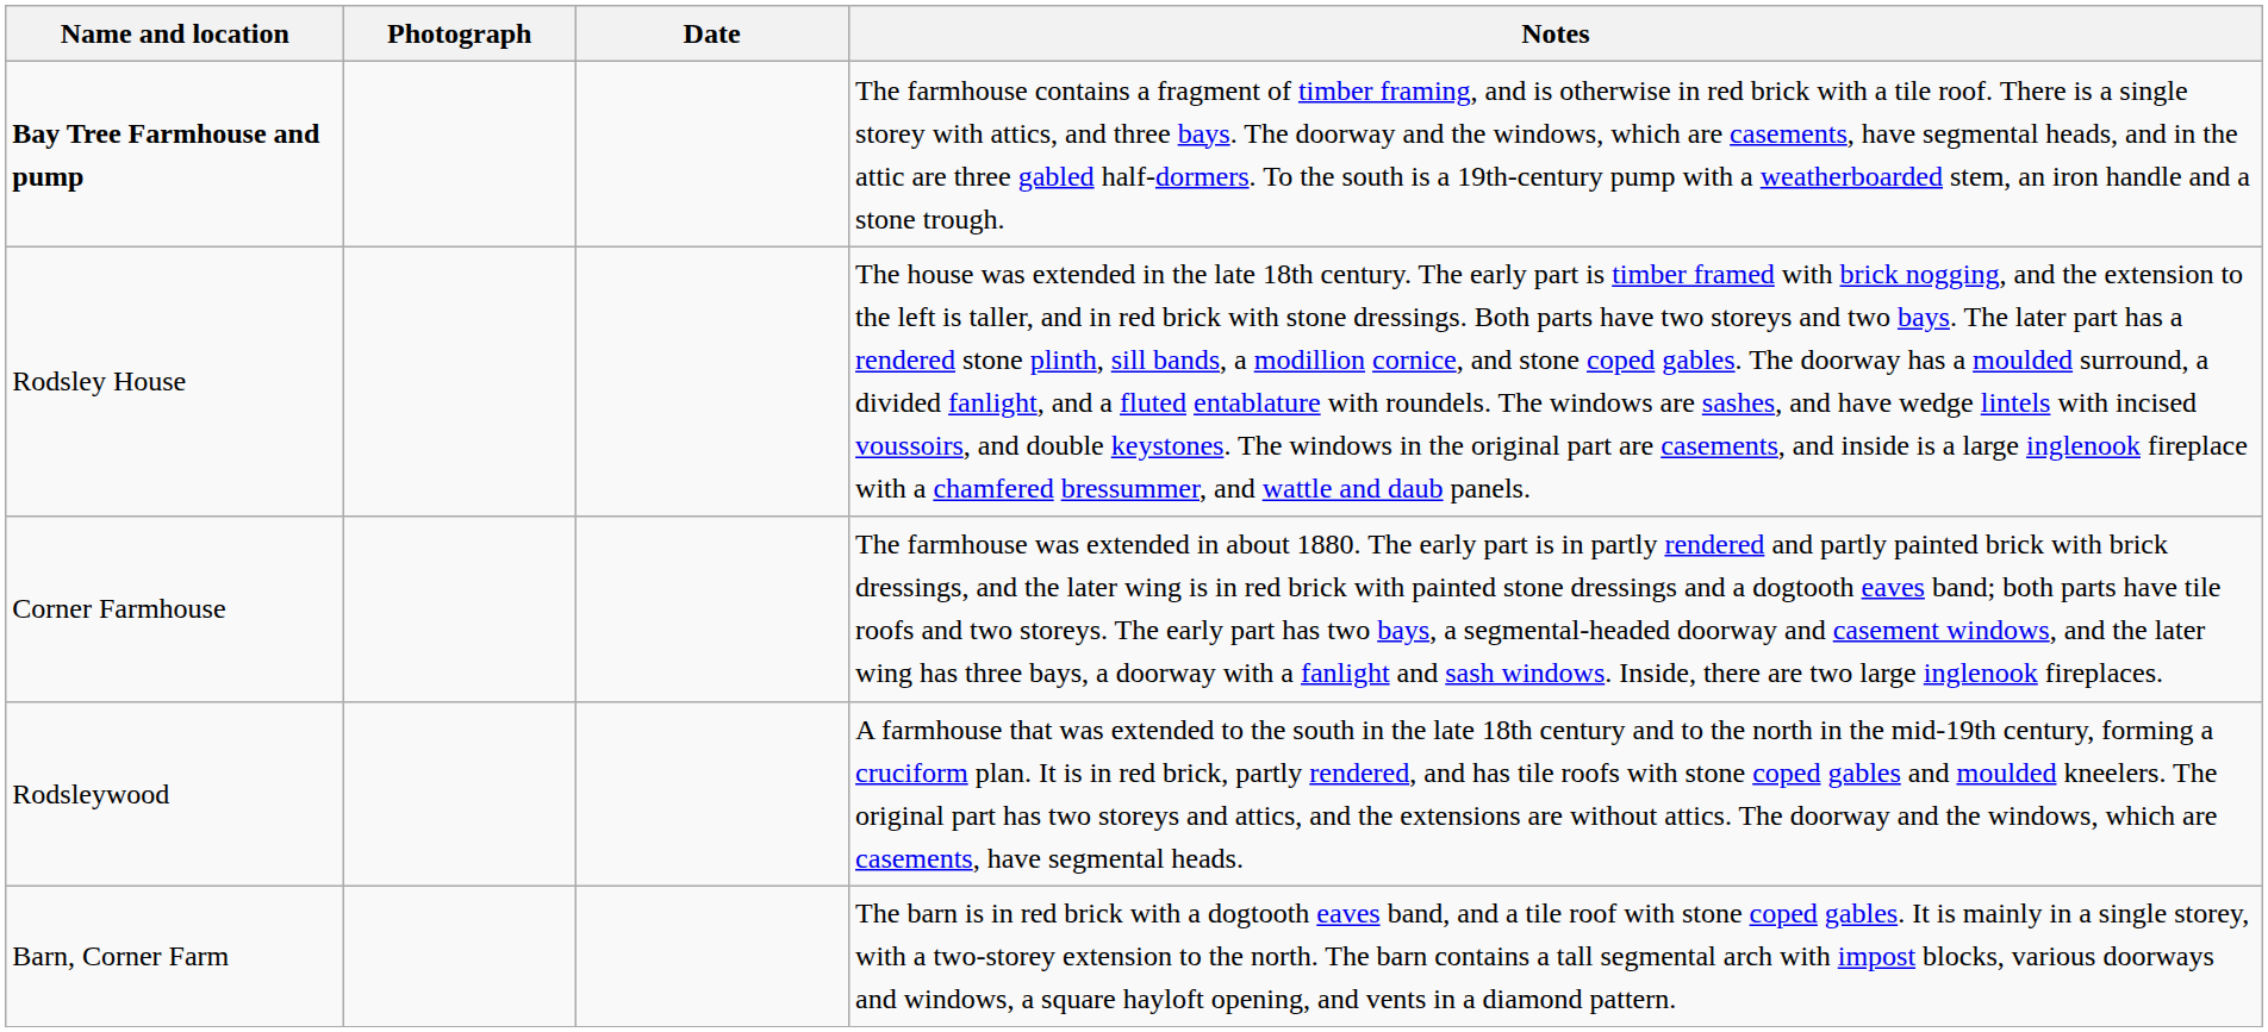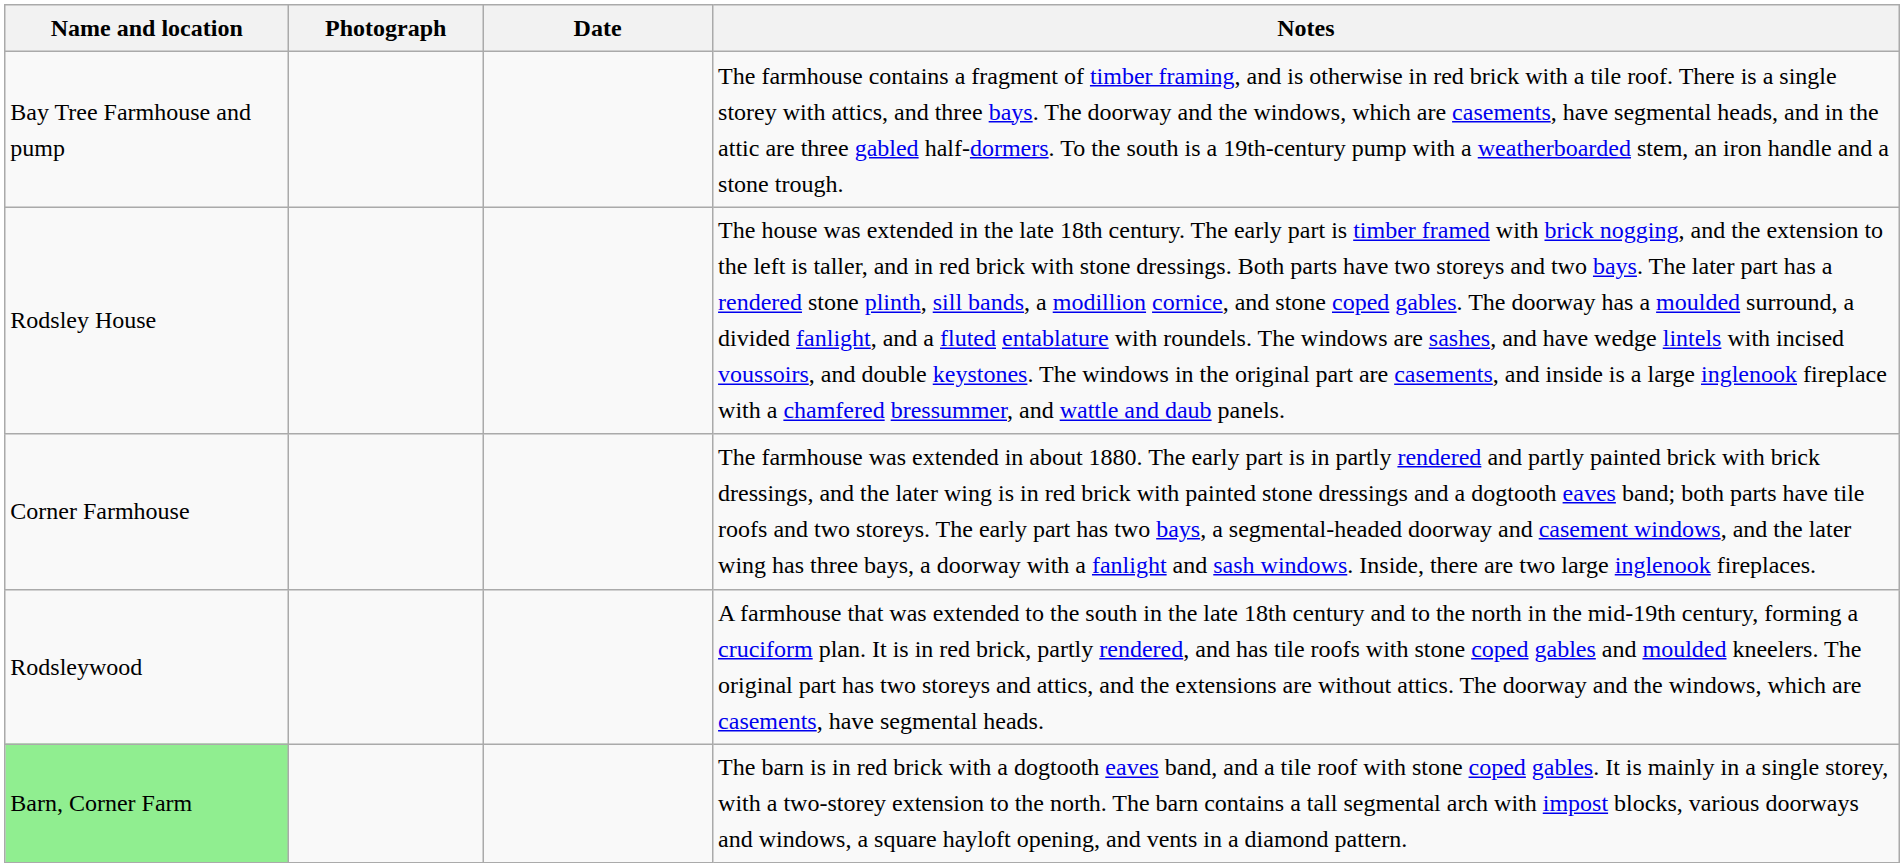 <table class="wikitable sortable plainrowheaders" style="width:100%;border:0px;text-align:left;line-height:150%;">
 <tr>
 <th scope="col"  style="width:150px">Name and location</th>
 <th scope="col"  style="width:100px" class="unsortable">Photograph</th>
 <th scope="col"  style="width:120px">Date</th>
 <th scope="col"  style="width:650px" class="unsortable">Notes</th>
 </tr>
 <tr>
-<td><strong>Bay Tree Farmhouse and pump<br><small></small></strong></td>
+<td>Bay Tree Farmhouse and pump<br><small></small></td>
 <td></td>
 <td align="center"></td>
 <td>The farmhouse contains a fragment of <a href='#'>timber framing</a>, and is otherwise in red brick with a tile roof.  There is a single storey with attics, and three <a href='#'>bays</a>.  The doorway and the windows, which are <a href='#'>casements</a>, have segmental heads, and in the attic are three <a href='#'>gabled</a> half-<a href='#'>dormers</a>.  To the south is a 19th-century pump with a <a href='#'>weatherboarded</a> stem, an iron handle and a stone trough.</td>
 </tr>
 <tr>
 <td>Rodsley House<br><small></small></td>
 <td></td>
 <td align="center"></td>
 <td>The house was extended in the late 18th century.  The early part is <a href='#'>timber framed</a> with <a href='#'>brick nogging</a>, and the extension to the left is taller, and in red brick with stone dressings.  Both parts have two storeys and two <a href='#'>bays</a>.  The later part has a <a href='#'>rendered</a> stone <a href='#'>plinth</a>, <a href='#'>sill bands</a>, a <a href='#'>modillion</a> <a href='#'>cornice</a>, and stone <a href='#'>coped</a> <a href='#'>gables</a>.  The doorway has a <a href='#'>moulded</a> surround, a divided <a href='#'>fanlight</a>, and a <a href='#'>fluted</a> <a href='#'>entablature</a> with roundels.  The windows are <a href='#'>sashes</a>, and have wedge <a href='#'>lintels</a> with incised <a href='#'>voussoirs</a>, and double <a href='#'>keystones</a>.  The windows in the original part are <a href='#'>casements</a>, and inside is a large <a href='#'>inglenook</a> fireplace with a <a href='#'>chamfered</a> <a href='#'>bressummer</a>, and <a href='#'>wattle and daub</a> panels.</td>
 </tr>
 <tr>
 <td>Corner Farmhouse<br><small></small></td>
 <td></td>
 <td align="center"></td>
 <td>The farmhouse was extended in about 1880.  The early part is in partly <a href='#'>rendered</a> and partly painted brick with brick dressings, and the later wing is in red brick with painted stone dressings and a dogtooth <a href='#'>eaves</a> band; both parts have tile roofs and two storeys.  The early part has two <a href='#'>bays</a>, a segmental-headed doorway and <a href='#'>casement windows</a>, and the later wing has three bays, a doorway with a <a href='#'>fanlight</a> and <a href='#'>sash windows</a>.  Inside, there are two large <a href='#'>inglenook</a> fireplaces.</td>
 </tr>
 <tr>
 <td>Rodsleywood<br><small></small></td>
 <td></td>
 <td align="center"></td>
 <td>A farmhouse that was extended to the south in the late 18th century and to the north in the mid-19th century, forming a <a href='#'>cruciform</a> plan.  It is in red brick, partly <a href='#'>rendered</a>, and has tile roofs with stone <a href='#'>coped</a> <a href='#'>gables</a> and <a href='#'>moulded</a> kneelers.  The original part has two storeys and attics, and the extensions are without attics.  The doorway and the windows, which are <a href='#'>casements</a>, have segmental heads.</td>
 </tr>
 <tr>
-<td>Barn, Corner Farm<br><small></small></td>
+<td style="background: lightgreen;">Barn, Corner Farm<br><small></small></td>
 <td></td>
 <td align="center"></td>
 <td>The barn is in red brick with a dogtooth <a href='#'>eaves</a> band, and a tile roof with stone <a href='#'>coped</a> <a href='#'>gables</a>.  It is mainly in a single storey, with a two-storey extension to the north.  The barn contains a tall segmental arch with <a href='#'>impost</a> blocks, various doorways and windows, a square hayloft opening, and vents in a diamond pattern.</td>
 </tr>
 <tr>
 </tr>
 </table>
